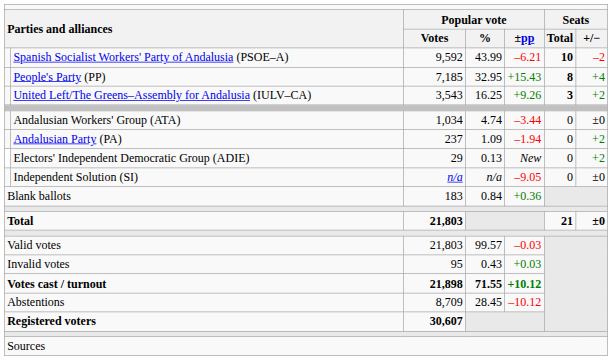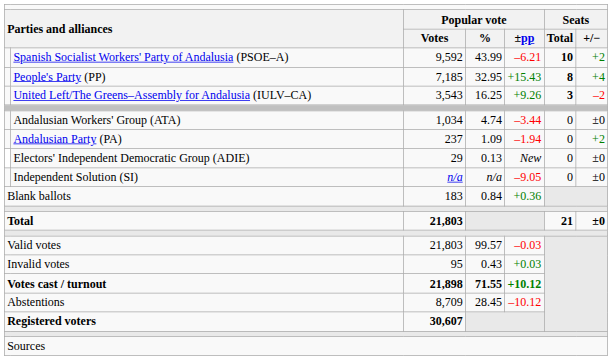 <table class="wikitable" style="text-align:right;">
 <tr>
 <td colspan="7"></td>
 </tr>
 <tr>
 <th style="text-align:left;" rowspan="2" colspan="2" width="525">Parties and alliances</th>
 <th colspan="3">Popular vote</th>
 <th colspan="2">Seats</th>
 </tr>
 <tr>
 <th width="75">Votes</th>
 <th width="45">%</th>
 <th width="45">±<a href='#'>pp</a></th>
 <th width="35">Total</th>
 <th width="35">+/−</th>
 </tr>
 <tr>
 <td width="1" style="color:inherit;background:"></td>
 <td align="left"><a href='#'>Spanish Socialist Workers' Party of Andalusia</a> (PSOE–A)</td>
 <td>9,592</td>
 <td>43.99</td>
 <td style="color:red;">–6.21</td>
 <td><strong>10</strong></td>
-<td style="color:red;">–2</td>
+<td style="color:green;">+2</td>
 </tr>
 <tr>
 <td style="color:inherit;background:"></td>
 <td align="left"><a href='#'>People's Party</a> (PP)</td>
 <td>7,185</td>
 <td>32.95</td>
 <td style="color:green;">+15.43</td>
 <td><strong>8</strong></td>
 <td style="color:green;">+4</td>
 </tr>
 <tr>
 <td style="color:inherit;background:"></td>
 <td align="left"><a href='#'>United Left/The Greens–Assembly for Andalusia</a> (IULV–CA)</td>
 <td>3,543</td>
 <td>16.25</td>
 <td style="color:green;">+9.26</td>
 <td><strong>3</strong></td>
-<td style="color:green;">+2</td>
+<td style="color:red;">–2</td>
 </tr>
 <tr>
 <td colspan="7" bgcolor="#C0C0C0"></td>
 </tr>
 <tr>
 <td style="color:inherit;background:"></td>
 <td align="left">Andalusian Workers' Group (ATA)</td>
 <td>1,034</td>
 <td>4.74</td>
 <td style="color:red;">–3.44</td>
 <td>0</td>
 <td>±0</td>
 </tr>
 <tr>
 <td style="color:inherit;background:"></td>
 <td align="left"><a href='#'>Andalusian Party</a> (PA)</td>
 <td>237</td>
 <td>1.09</td>
 <td style="color:red;">–1.94</td>
 <td>0</td>
 <td style="color:green;">+2</td>
 </tr>
 <tr>
 <td bgcolor="white"></td>
 <td align="left">Electors' Independent Democratic Group (ADIE)</td>
 <td>29</td>
 <td>0.13</td>
 <td><em>New</em></td>
 <td>0</td>
-<td style="color:green;">+2</td>
+<td>±0</td>
 </tr>
 <tr>
 <td style="color:inherit;background:"></td>
 <td align="left">Independent Solution (SI)</td>
 <td><em><a href='#'>n/a</a></em></td>
 <td><em>n/a</em></td>
 <td style="color:red;">–9.05</td>
 <td>0</td>
 <td>±0</td>
 </tr>
 <tr>
 <td align="left" colspan="2">Blank ballots</td>
 <td>183</td>
 <td>0.84</td>
 <td style="color:green;">+0.36</td>
 <td bgcolor="#E9E9E9" colspan="2"></td>
 </tr>
 <tr>
 <td colspan="7" bgcolor="#E9E9E9"></td>
 </tr>
 <tr style="font-weight:bold;">
 <td align="left" colspan="2">Total</td>
 <td>21,803</td>
 <td bgcolor="#E9E9E9" colspan="2"></td>
 <td>21</td>
 <td>±0</td>
 </tr>
 <tr>
 <td colspan="7" bgcolor="#E9E9E9"></td>
 </tr>
 <tr>
 <td align="left" colspan="2">Valid votes</td>
 <td>21,803</td>
 <td>99.57</td>
 <td style="color:red;">–0.03</td>
 <td bgcolor="#E9E9E9" colspan="2" rowspan="5"></td>
 </tr>
 <tr>
 <td align="left" colspan="2">Invalid votes</td>
 <td>95</td>
 <td>0.43</td>
 <td style="color:green;">+0.03</td>
 </tr>
 <tr style="font-weight:bold;">
 <td align="left" colspan="2">Votes cast / turnout</td>
 <td>21,898</td>
 <td>71.55</td>
 <td style="color:green;">+10.12</td>
 </tr>
 <tr>
 <td align="left" colspan="2">Abstentions</td>
 <td>8,709</td>
 <td>28.45</td>
 <td style="color:red;">–10.12</td>
 </tr>
 <tr style="font-weight:bold;">
 <td align="left" colspan="2">Registered voters</td>
 <td>30,607</td>
 <td bgcolor="#E9E9E9" colspan="2"></td>
 </tr>
 <tr>
 <td colspan="7" bgcolor="#E9E9E9"></td>
 </tr>
 <tr>
 <td align="left" colspan="7">Sources</td>
 </tr>
 </table>
